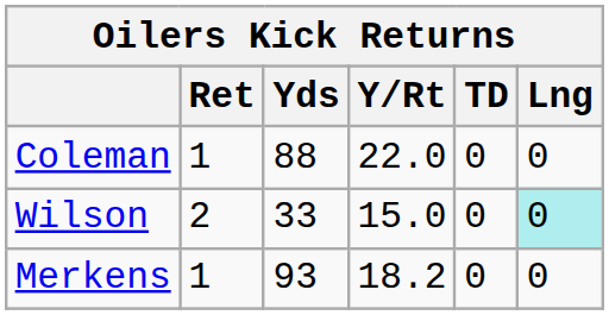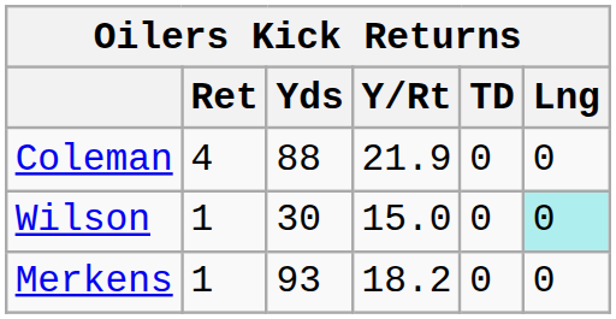 <table class="wikitable">
 <tr>
 <th colspan="6">Oilers Kick Returns</th>
 </tr>
 <tr>
 <th></th>
 <th>Ret</th>
 <th>Yds</th>
 <th>Y/Rt</th>
 <th>TD</th>
 <th>Lng</th>
 </tr>
 <tr>
 <td><a href='#'>Coleman</a></td>
-<td>1</td>
+<td>4</td>
 <td>88</td>
-<td>22.0</td>
+<td>21.9</td>
 <td>0</td>
 <td>0</td>
 </tr>
 <tr>
 <td><a href='#'>Wilson</a></td>
-<td>2</td>
-<td>33</td>
+<td>1</td>
+<td>30</td>
 <td>15.0</td>
 <td>0</td>
 <td style="background: paleturquoise;">0</td>
 </tr>
 <tr>
 <td><a href='#'>Merkens</a></td>
 <td>1</td>
 <td>93</td>
 <td>18.2</td>
 <td>0</td>
 <td>0</td>
 </tr>
 </table>
